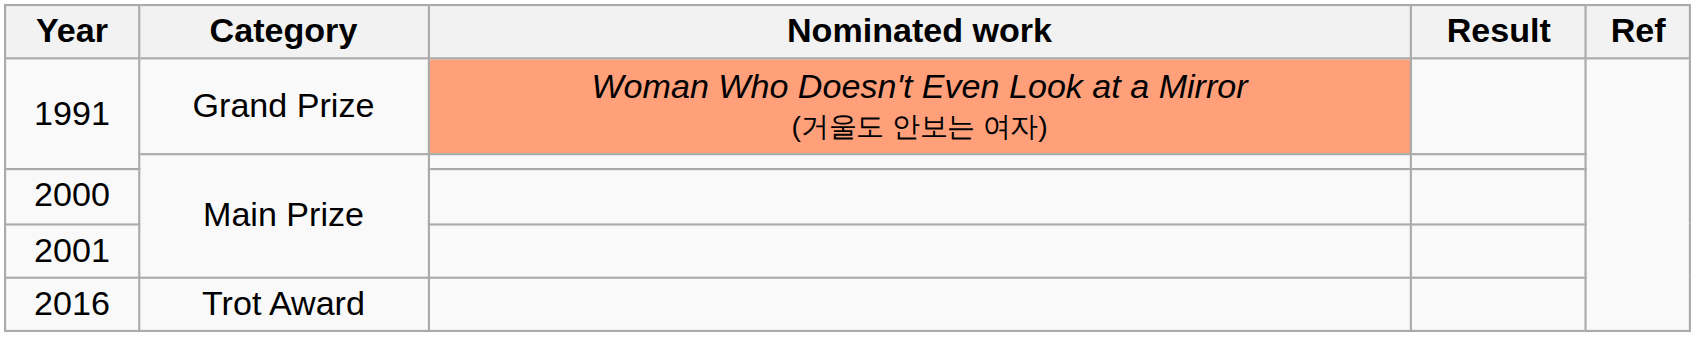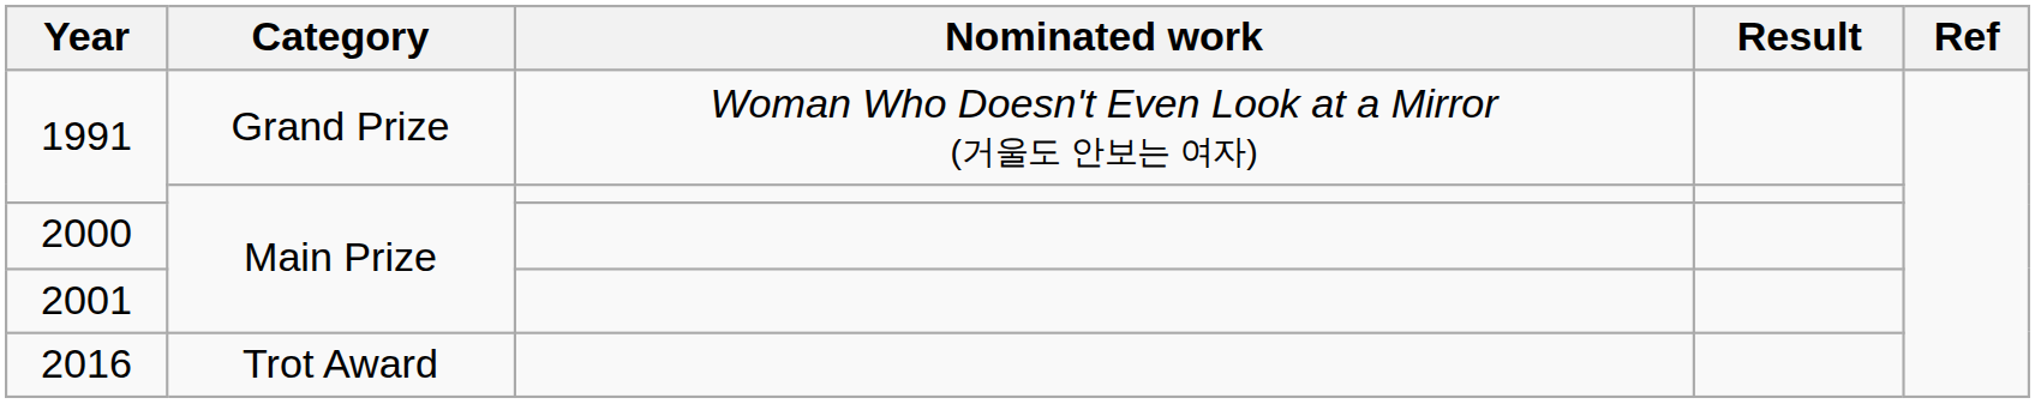 <table class="wikitable" style="text-align:center; width:50%">
 <tr>
 <th>Year</th>
 <th>Category</th>
 <th>Nominated work</th>
 <th>Result</th>
 <th>Ref</th>
 </tr>
 <tr>
 <td rowspan="2">1991</td>
 <td>Grand Prize</td>
-<td style="background: lightsalmon;"><em>Woman Who Doesn't Even Look at a Mirror</em><br><small>(거울도 안보는 여자)</small></td>
+<td><em>Woman Who Doesn't Even Look at a Mirror</em><br><small>(거울도 안보는 여자)</small></td>
 <td></td>
 <td rowspan="5"></td>
 </tr>
 <tr>
 <td rowspan="3">Main Prize</td>
 <td></td>
 <td></td>
 </tr>
 <tr>
 <td>2000</td>
 <td></td>
 <td></td>
 </tr>
 <tr>
 <td>2001</td>
 <td></td>
 <td></td>
 </tr>
 <tr>
 <td>2016</td>
 <td>Trot Award</td>
 <td></td>
 <td></td>
 </tr>
 </table>
